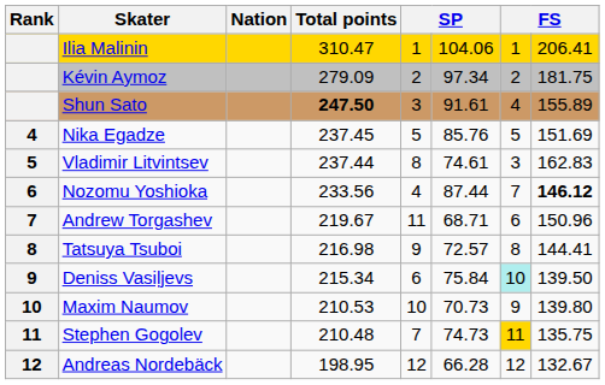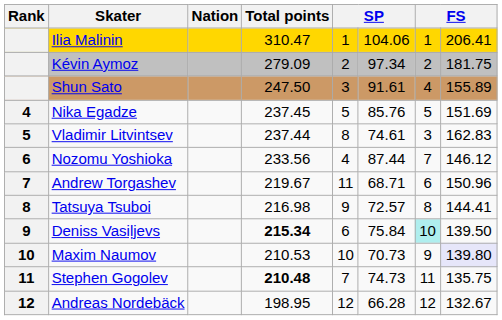 <table class="wikitable sortable" style="text-align:left">
 <tr>
 <th scope="col">Rank</th>
 <th scope="col">Skater</th>
 <th scope="col">Nation</th>
 <th scope="col">Total points</th>
 <th scope="col" colspan="2" width="80px"><a href='#'>SP</a></th>
 <th scope="col" colspan="2" width="80px"><a href='#'>FS</a></th>
 </tr>
 <tr bgcolor="gold">
 <th scope="row"></th>
 <td><a href='#'>Ilia Malinin</a></td>
 <td></td>
 <td align="center">310.47</td>
 <td align="center">1</td>
 <td align="center">104.06</td>
 <td align="center">1</td>
 <td align="center">206.41</td>
 </tr>
 <tr bgcolor="silver">
 <th scope="row"></th>
 <td><a href='#'>Kévin Aymoz</a></td>
 <td></td>
 <td align="center">279.09</td>
 <td align="center">2</td>
 <td align="center">97.34</td>
 <td align="center">2</td>
 <td align="center">181.75</td>
 </tr>
 <tr bgcolor="cc9966">
 <th scope="row"></th>
 <td><a href='#'>Shun Sato</a></td>
 <td></td>
-<td align="center"><strong>247.50</strong></td>
+<td align="center">247.50</td>
 <td align="center">3</td>
 <td align="center">91.61</td>
 <td align="center">4</td>
 <td align="center">155.89</td>
 </tr>
 <tr>
 <th scope="row">4</th>
 <td><a href='#'>Nika Egadze</a></td>
 <td></td>
 <td align="center">237.45</td>
 <td align="center">5</td>
 <td align="center">85.76</td>
 <td align="center">5</td>
 <td align="center">151.69</td>
 </tr>
 <tr>
 <th scope="row">5</th>
 <td><a href='#'>Vladimir Litvintsev</a></td>
 <td></td>
 <td align="center">237.44</td>
 <td align="center">8</td>
 <td align="center">74.61</td>
 <td align="center">3</td>
 <td align="center">162.83</td>
 </tr>
 <tr>
 <th scope="row">6</th>
 <td><a href='#'>Nozomu Yoshioka</a></td>
 <td></td>
 <td align="center">233.56</td>
 <td align="center">4</td>
 <td align="center">87.44</td>
 <td align="center">7</td>
-<td align="center"><strong>146.12</strong></td>
+<td align="center">146.12</td>
 </tr>
 <tr>
 <th scope="row">7</th>
 <td><a href='#'>Andrew Torgashev</a></td>
 <td></td>
 <td align="center">219.67</td>
 <td align="center">11</td>
 <td align="center">68.71</td>
 <td align="center">6</td>
 <td align="center">150.96</td>
 </tr>
 <tr>
 <th scope="row">8</th>
 <td><a href='#'>Tatsuya Tsuboi</a></td>
 <td></td>
 <td align="center">216.98</td>
 <td align="center">9</td>
 <td align="center">72.57</td>
 <td align="center">8</td>
 <td align="center">144.41</td>
 </tr>
 <tr>
 <th scope="row">9</th>
 <td><a href='#'>Deniss Vasiļjevs</a></td>
 <td></td>
-<td align="center">215.34</td>
+<td align="center"><strong>215.34</strong></td>
 <td align="center">6</td>
 <td align="center">75.84</td>
 <td align="center" style="background: paleturquoise;">10</td>
 <td align="center">139.50</td>
 </tr>
 <tr>
 <th scope="row">10</th>
 <td><a href='#'>Maxim Naumov</a></td>
 <td></td>
 <td align="center">210.53</td>
 <td align="center">10</td>
 <td align="center">70.73</td>
 <td align="center">9</td>
-<td align="center">139.80</td>
+<td align="center" style="background: lavender;">139.80</td>
 </tr>
 <tr>
 <th scope="row">11</th>
 <td><a href='#'>Stephen Gogolev</a></td>
 <td></td>
-<td align="center">210.48</td>
+<td align="center"><strong>210.48</strong></td>
 <td align="center">7</td>
 <td align="center">74.73</td>
-<td align="center" style="background: gold;">11</td>
+<td align="center">11</td>
 <td align="center">135.75</td>
 </tr>
 <tr>
 <th scope="row">12</th>
 <td><a href='#'>Andreas Nordebäck</a></td>
 <td></td>
 <td align="center">198.95</td>
 <td align="center">12</td>
 <td align="center">66.28</td>
 <td align="center">12</td>
 <td align="center">132.67</td>
 </tr>
 </table>
